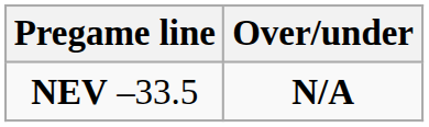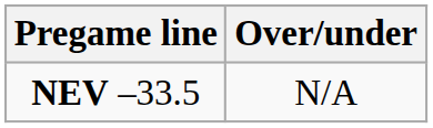 <table class="wikitable">
 <tr align="center">
 <th style=>Pregame line</th>
 <th style=>Over/under</th>
 </tr>
 <tr align="center">
 <td><strong>NEV</strong> –33.5</td>
-<td><strong>N/A</strong></td>
+<td>N/A</td>
 </tr>
 </table>
